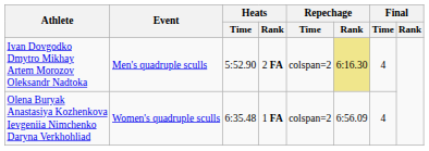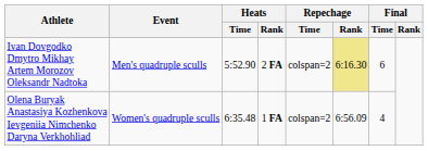 <table class="wikitable" style="font-size:90%">
 <tr>
 <th rowspan="2">Athlete</th>
 <th rowspan="2">Event</th>
 <th colspan="2">Heats</th>
 <th colspan="2">Repechage</th>
 <th colspan="2">Final</th>
 </tr>
 <tr style="font-size:95%">
 <th>Time</th>
 <th>Rank</th>
 <th>Time</th>
 <th>Rank</th>
 <th>Time</th>
 <th>Rank</th>
 </tr>
 <tr align=center>
 <td align=left><a href='#'>Ivan Dovgodko</a><br><a href='#'>Dmytro Mikhay</a><br><a href='#'>Artem Morozov</a><br><a href='#'>Oleksandr Nadtoka</a></td>
 <td align=left><a href='#'>Men's quadruple sculls</a></td>
 <td>5:52.90</td>
 <td>2 <strong>FA</strong></td>
 <td>colspan=2 </td>
 <td style="background: khaki;">6:16.30</td>
-<td>4</td>
+<td>6</td>
 </tr>
 <tr align=center>
 <td align=left><a href='#'>Olena Buryak</a><br><a href='#'>Anastasiya Kozhenkova</a><br><a href='#'>Ievgeniia Nimchenko</a><br><a href='#'>Daryna Verkhohliad</a></td>
 <td align=left><a href='#'>Women's quadruple sculls</a></td>
 <td>6:35.48</td>
 <td>1 <strong>FA</strong></td>
 <td>colspan=2 </td>
 <td>6:56.09</td>
 <td>4</td>
 </tr>
 </table>
